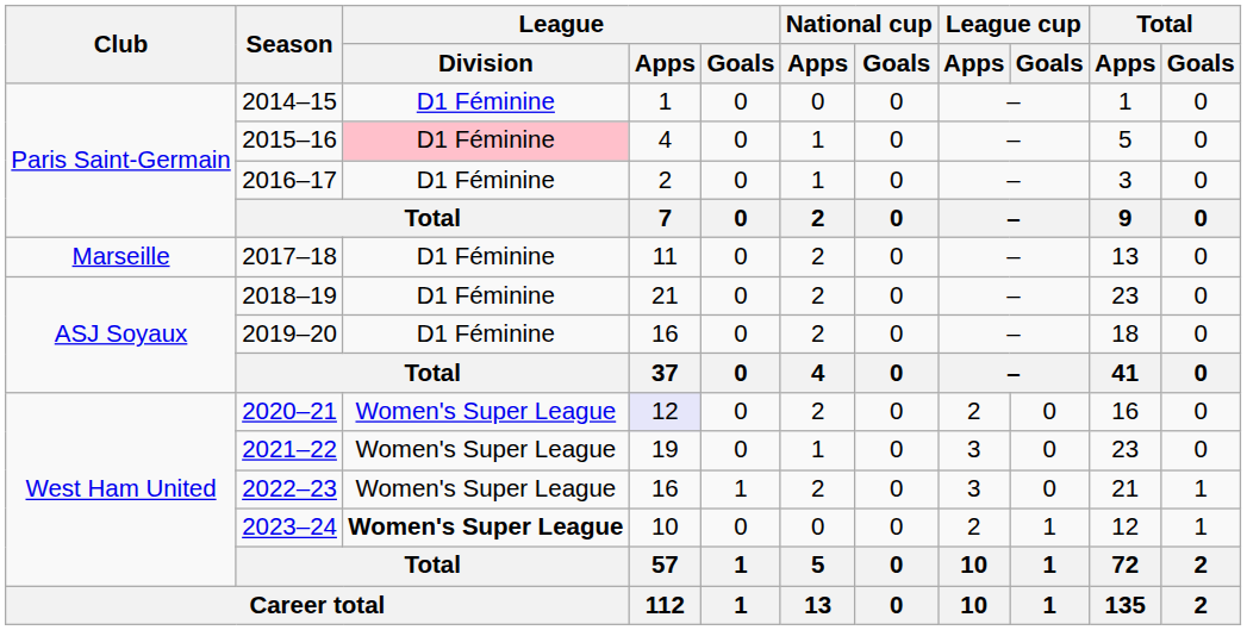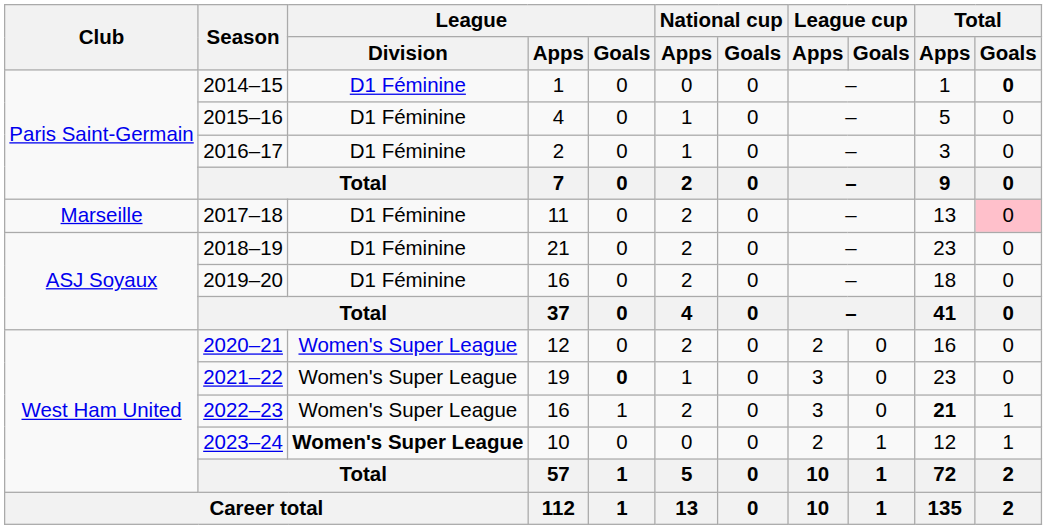 <table class="wikitable" style="text-align:center">
 <tr>
 <th rowspan="2">Club</th>
 <th rowspan="2">Season</th>
 <th colspan="3">League</th>
 <th colspan="2">National cup</th>
 <th colspan="2">League cup</th>
 <th colspan="2">Total</th>
 </tr>
 <tr>
 <th>Division</th>
 <th>Apps</th>
 <th>Goals</th>
 <th>Apps</th>
 <th>Goals</th>
 <th>Apps</th>
 <th>Goals</th>
 <th>Apps</th>
 <th>Goals</th>
 </tr>
 <tr>
 <td rowspan="4"><a href='#'>Paris Saint-Germain</a></td>
 <td>2014–15</td>
 <td><a href='#'>D1 Féminine</a></td>
 <td>1</td>
 <td>0</td>
 <td>0</td>
 <td>0</td>
 <td colspan="2">–</td>
 <td>1</td>
-<td>0</td>
+<td><strong>0</strong></td>
 </tr>
 <tr>
 <td>2015–16</td>
-<td style="background: pink;">D1 Féminine</td>
+<td>D1 Féminine</td>
 <td>4</td>
 <td>0</td>
 <td>1</td>
 <td>0</td>
 <td colspan="2">–</td>
 <td>5</td>
 <td>0</td>
 </tr>
 <tr>
 <td>2016–17</td>
 <td>D1 Féminine</td>
 <td>2</td>
 <td>0</td>
 <td>1</td>
 <td>0</td>
 <td colspan="2">–</td>
 <td>3</td>
 <td>0</td>
 </tr>
 <tr>
 <th colspan="2">Total</th>
 <th>7</th>
 <th>0</th>
 <th>2</th>
 <th>0</th>
 <th colspan="2">–</th>
 <th>9</th>
 <th>0</th>
 </tr>
 <tr>
 <td><a href='#'>Marseille</a></td>
 <td>2017–18</td>
 <td>D1 Féminine</td>
 <td>11</td>
 <td>0</td>
 <td>2</td>
 <td>0</td>
 <td colspan="2">–</td>
 <td>13</td>
-<td>0</td>
+<td style="background: pink;">0</td>
 </tr>
 <tr>
 <td rowspan="3"><a href='#'>ASJ Soyaux</a></td>
 <td>2018–19</td>
 <td>D1 Féminine</td>
 <td>21</td>
 <td>0</td>
 <td>2</td>
 <td>0</td>
 <td colspan="2">–</td>
 <td>23</td>
 <td>0</td>
 </tr>
 <tr>
 <td>2019–20</td>
 <td>D1 Féminine</td>
 <td>16</td>
 <td>0</td>
 <td>2</td>
 <td>0</td>
 <td colspan="2">–</td>
 <td>18</td>
 <td>0</td>
 </tr>
 <tr>
 <th colspan="2">Total</th>
 <th>37</th>
 <th>0</th>
 <th>4</th>
 <th>0</th>
 <th colspan="2">–</th>
 <th>41</th>
 <th>0</th>
 </tr>
 <tr>
 <td rowspan="5"><a href='#'>West Ham United</a></td>
 <td><a href='#'>2020–21</a></td>
 <td><a href='#'>Women's Super League</a></td>
-<td style="background: lavender;">12</td>
+<td>12</td>
 <td>0</td>
 <td>2</td>
 <td>0</td>
 <td>2</td>
 <td>0</td>
 <td>16</td>
 <td>0</td>
 </tr>
 <tr>
 <td><a href='#'>2021–22</a></td>
 <td>Women's Super League</td>
 <td>19</td>
-<td>0</td>
+<td><strong>0</strong></td>
 <td>1</td>
 <td>0</td>
 <td>3</td>
 <td>0</td>
 <td>23</td>
 <td>0</td>
 </tr>
 <tr>
 <td><a href='#'>2022–23</a></td>
 <td>Women's Super League</td>
 <td>16</td>
 <td>1</td>
 <td>2</td>
 <td>0</td>
 <td>3</td>
 <td>0</td>
-<td>21</td>
+<td><strong>21</strong></td>
 <td>1</td>
 </tr>
 <tr>
 <td><a href='#'>2023–24</a></td>
 <td><strong>Women's Super League</strong></td>
 <td>10</td>
 <td>0</td>
 <td>0</td>
 <td>0</td>
 <td>2</td>
 <td>1</td>
 <td>12</td>
 <td>1</td>
 </tr>
 <tr>
 <th colspan="2">Total</th>
 <th>57</th>
 <th>1</th>
 <th>5</th>
 <th>0</th>
 <th>10</th>
 <th>1</th>
 <th>72</th>
 <th>2</th>
 </tr>
 <tr>
 <th colspan="3">Career total</th>
 <th>112</th>
 <th>1</th>
 <th>13</th>
 <th>0</th>
 <th>10</th>
 <th>1</th>
 <th>135</th>
 <th>2</th>
 </tr>
 </table>
